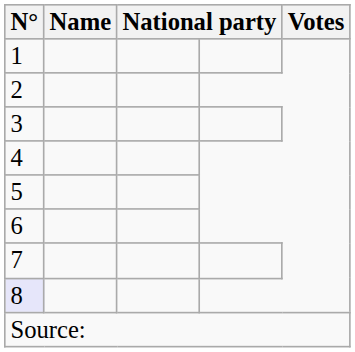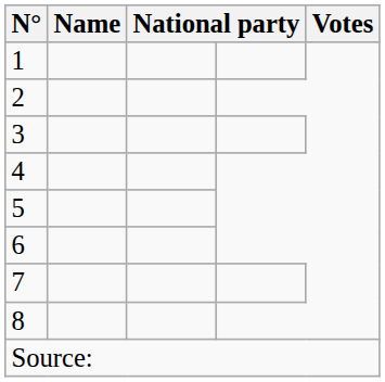 <table class="wikitable sortable" style="font-size:95%;line-height:14px;">
 <tr>
 <th>N°</th>
 <th>Name</th>
 <th colspan="2">National party</th>
 <th>Votes</th>
 </tr>
 <tr>
 <td>1</td>
 <td></td>
 <td></td>
 <td></td>
 </tr>
 <tr>
 <td>2</td>
 <td></td>
 <td></td>
 </tr>
 <tr>
 <td>3</td>
 <td></td>
 <td></td>
 <td></td>
 </tr>
 <tr>
 <td>4</td>
 <td></td>
 <td></td>
 </tr>
 <tr>
 <td>5</td>
 <td></td>
 <td></td>
 </tr>
 <tr>
 <td>6</td>
 <td></td>
 <td></td>
 </tr>
 <tr>
 <td>7</td>
 <td></td>
 <td></td>
 <td></td>
 </tr>
 <tr>
-<td style="background: lavender;">8</td>
+<td>8</td>
 <td></td>
 <td></td>
 </tr>
 <tr>
 <td colspan="5">Source: </td>
 </tr>
 </table>
